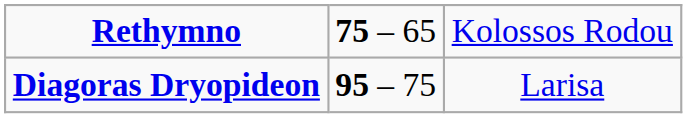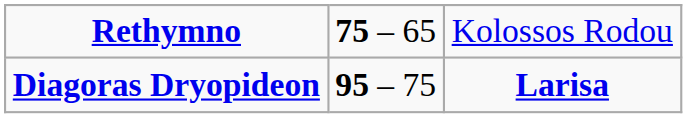 <table class="wikitable" style="text-align: center; font-size:100%">
 <tr>
 <td><strong><a href='#'>Rethymno</a></strong></td>
 <td><strong>75</strong> – 65</td>
 <td><a href='#'>Kolossos Rodou</a></td>
 </tr>
 <tr>
 <td><strong><a href='#'>Diagoras Dryopideon</a></strong></td>
 <td><strong>95</strong> – 75</td>
-<td><a href='#'>Larisa</a></td>
+<td><strong><a href='#'>Larisa</a></strong></td>
 </tr>
 </table>
